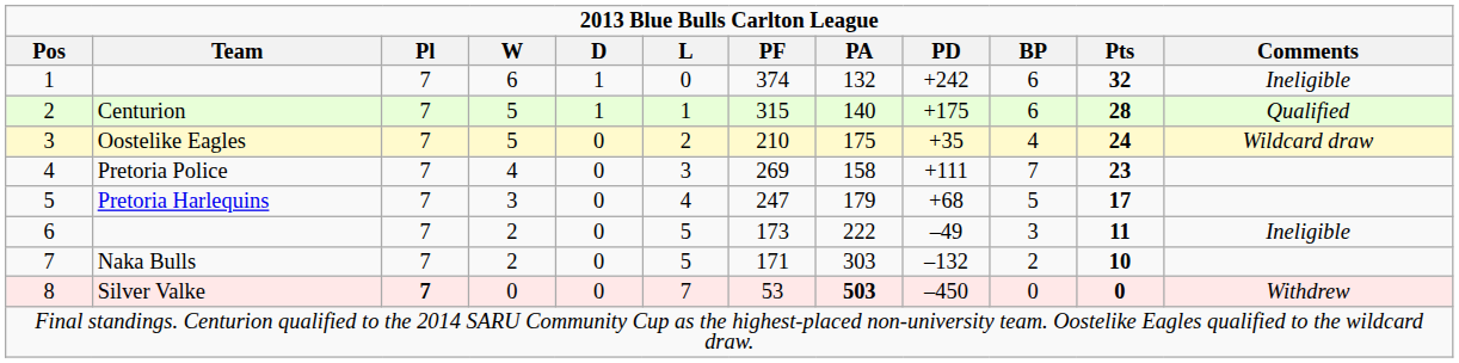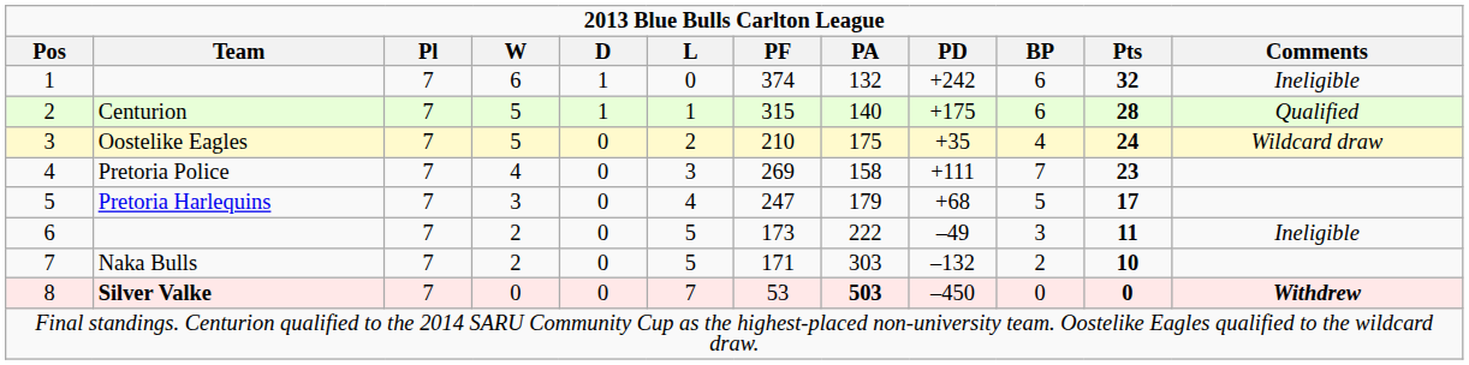 <table class="wikitable"  style="text-align:center; line-height:90%; font-size:90%; width:75%;">
 <tr>
 <td colspan=12><strong>2013 Blue Bulls Carlton League</strong></td>
 </tr>
 <tr>
 <th style="width:6%;">Pos</th>
 <th style="width:20%;">Team</th>
 <th style="width:6%;">Pl</th>
 <th style="width:6%;">W</th>
 <th style="width:6%;">D</th>
 <th style="width:6%;">L</th>
 <th style="width:6%;">PF</th>
 <th style="width:6%;">PA</th>
 <th style="width:6%;">PD</th>
 <th style="width:6%;">BP</th>
 <th style="width:6%;">Pts</th>
 <th style="width:20%;">Comments<br></th>
 </tr>
 <tr>
 <td>1</td>
 <td style="text-align:left;"></td>
 <td>7</td>
 <td>6</td>
 <td>1</td>
 <td>0</td>
 <td>374</td>
 <td>132</td>
 <td>+242</td>
 <td>6</td>
 <td><strong>32</strong></td>
 <td><em>Ineligible</em></td>
 </tr>
 <tr bgcolor="#E8FFD8">
 <td>2</td>
 <td style="text-align:left;">Centurion</td>
 <td>7</td>
 <td>5</td>
 <td>1</td>
 <td>1</td>
 <td>315</td>
 <td>140</td>
 <td>+175</td>
 <td>6</td>
 <td><strong>28</strong></td>
 <td><em>Qualified</em></td>
 </tr>
 <tr bgcolor="#FFFACD">
 <td>3</td>
 <td style="text-align:left;">Oostelike Eagles</td>
 <td>7</td>
 <td>5</td>
 <td>0</td>
 <td>2</td>
 <td>210</td>
 <td>175</td>
 <td>+35</td>
 <td>4</td>
 <td><strong>24</strong></td>
 <td><em>Wildcard draw</em></td>
 </tr>
 <tr>
 <td>4</td>
 <td style="text-align:left;">Pretoria Police</td>
 <td>7</td>
 <td>4</td>
 <td>0</td>
 <td>3</td>
 <td>269</td>
 <td>158</td>
 <td>+111</td>
 <td>7</td>
 <td><strong>23</strong></td>
 <td></td>
 </tr>
 <tr>
 <td>5</td>
 <td style="text-align:left;"><a href='#'>Pretoria Harlequins</a></td>
 <td>7</td>
 <td>3</td>
 <td>0</td>
 <td>4</td>
 <td>247</td>
 <td>179</td>
 <td>+68</td>
 <td>5</td>
 <td><strong>17</strong></td>
 <td></td>
 </tr>
 <tr>
 <td>6</td>
 <td style="text-align:left;"></td>
 <td>7</td>
 <td>2</td>
 <td>0</td>
 <td>5</td>
 <td>173</td>
 <td>222</td>
 <td>–49</td>
 <td>3</td>
 <td><strong>11</strong></td>
 <td><em>Ineligible</em></td>
 </tr>
 <tr>
 <td>7</td>
 <td style="text-align:left;">Naka Bulls</td>
 <td>7</td>
 <td>2</td>
 <td>0</td>
 <td>5</td>
 <td>171</td>
 <td>303</td>
 <td>–132</td>
 <td>2</td>
 <td><strong>10</strong></td>
 <td></td>
 </tr>
 <tr bgcolor="#FFE8E8">
 <td>8</td>
-<td style="text-align:left;">Silver Valke</td>
-<td><strong>7</strong></td>
+<td style="text-align:left;"><strong>Silver Valke</strong></td>
+<td>7</td>
 <td>0</td>
 <td>0</td>
 <td>7</td>
 <td>53</td>
 <td><strong>503</strong></td>
 <td>–450</td>
 <td>0</td>
 <td><strong>0</strong></td>
-<td><em>Withdrew</em></td>
+<td><strong><em>Withdrew</em></strong></td>
 </tr>
 <tr>
 <td colspan=12><em>Final standings. Centurion qualified to the 2014 SARU Community Cup as the highest-placed non-university team. Oostelike Eagles qualified to the wildcard draw.</em></td>
 </tr>
 </table>
